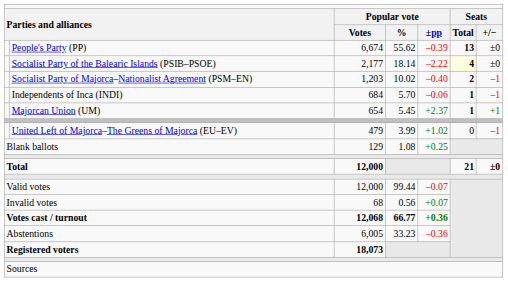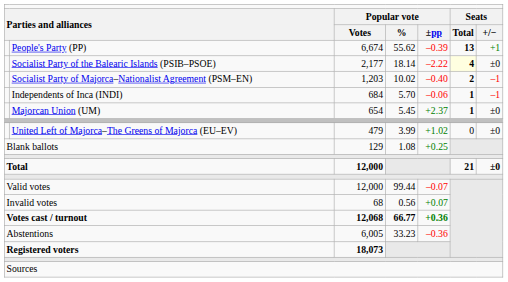 <table class="wikitable" style="text-align:right; font-size:98%;">
 <tr>
 <td colspan="7"></td>
 </tr>
 <tr>
 <th style="text-align:left;" rowspan="2" colspan="2" width="525">Parties and alliances</th>
 <th colspan="3">Popular vote</th>
 <th colspan="2">Seats</th>
 </tr>
 <tr>
 <th width="75">Votes</th>
 <th width="45">%</th>
 <th width="45">±<a href='#'>pp</a></th>
 <th width="35">Total</th>
 <th width="35">+/−</th>
 </tr>
 <tr>
 <td width="1" style="color:inherit;background:"></td>
 <td align="left"><a href='#'>People's Party</a> (PP)</td>
 <td>6,674</td>
 <td>55.62</td>
 <td style="color:red;">–0.39</td>
 <td><strong>13</strong></td>
-<td>±0</td>
+<td style="color:green;">+1</td>
 </tr>
 <tr>
 <td style="color:inherit;background:"></td>
 <td align="left"><a href='#'>Socialist Party of the Balearic Islands</a> (PSIB–PSOE)</td>
 <td>2,177</td>
 <td>18.14</td>
 <td style="color:red;">–2.22</td>
 <td style="background: lightyellow;"><strong>4</strong></td>
 <td>±0</td>
 </tr>
 <tr>
 <td style="color:inherit;background:"></td>
 <td align="left"><a href='#'>Socialist Party of Majorca</a>–<a href='#'>Nationalist Agreement</a> (PSM–EN)</td>
 <td>1,203</td>
 <td>10.02</td>
 <td style="color:red;">–0.40</td>
 <td><strong>2</strong></td>
 <td style="color:red;">–1</td>
 </tr>
 <tr>
 <td style="color:inherit;background:"></td>
 <td align="left">Independents of Inca (INDI)</td>
 <td>684</td>
 <td>5.70</td>
 <td style="color:red;">–0.06</td>
 <td><strong>1</strong></td>
 <td style="color:red;">–1</td>
 </tr>
 <tr>
 <td style="color:inherit;background:"></td>
 <td align="left"><a href='#'>Majorcan Union</a> (UM)</td>
 <td>654</td>
 <td>5.45</td>
 <td style="color:green;">+2.37</td>
 <td><strong>1</strong></td>
-<td style="color:green;">+1</td>
+<td>±0</td>
 </tr>
 <tr>
 <td colspan="7" bgcolor="#C0C0C0"></td>
 </tr>
 <tr>
 <td style="color:inherit;background:"></td>
 <td align="left"><a href='#'>United Left of Majorca</a>–<a href='#'>The Greens of Majorca</a> (EU–EV)</td>
 <td>479</td>
 <td>3.99</td>
 <td style="color:green;">+1.02</td>
 <td>0</td>
-<td style="color:red;">–1</td>
+<td>±0</td>
 </tr>
 <tr>
 <td align="left" colspan="2">Blank ballots</td>
 <td>129</td>
 <td>1.08</td>
 <td style="color:green;">+0.25</td>
 <td bgcolor="#E9E9E9" colspan="2"></td>
 </tr>
 <tr>
 <td colspan="7" bgcolor="#E9E9E9"></td>
 </tr>
 <tr style="font-weight:bold;">
 <td align="left" colspan="2">Total</td>
 <td>12,000</td>
 <td bgcolor="#E9E9E9" colspan="2"></td>
 <td>21</td>
 <td>±0</td>
 </tr>
 <tr>
 <td colspan="7" bgcolor="#E9E9E9"></td>
 </tr>
 <tr>
 <td align="left" colspan="2">Valid votes</td>
 <td>12,000</td>
 <td>99.44</td>
 <td style="color:red;">–0.07</td>
 <td bgcolor="#E9E9E9" colspan="2" rowspan="5"></td>
 </tr>
 <tr>
 <td align="left" colspan="2">Invalid votes</td>
 <td>68</td>
 <td>0.56</td>
 <td style="color:green;">+0.07</td>
 </tr>
 <tr style="font-weight:bold;">
 <td align="left" colspan="2">Votes cast / turnout</td>
 <td>12,068</td>
 <td>66.77</td>
 <td style="color:green;">+0.36</td>
 </tr>
 <tr>
 <td align="left" colspan="2">Abstentions</td>
 <td>6,005</td>
 <td>33.23</td>
 <td style="color:red;">–0.36</td>
 </tr>
 <tr style="font-weight:bold;">
 <td align="left" colspan="2">Registered voters</td>
 <td>18,073</td>
 <td bgcolor="#E9E9E9" colspan="2"></td>
 </tr>
 <tr>
 <td colspan="7" bgcolor="#E9E9E9"></td>
 </tr>
 <tr>
 <td align="left" colspan="7">Sources</td>
 </tr>
 </table>
